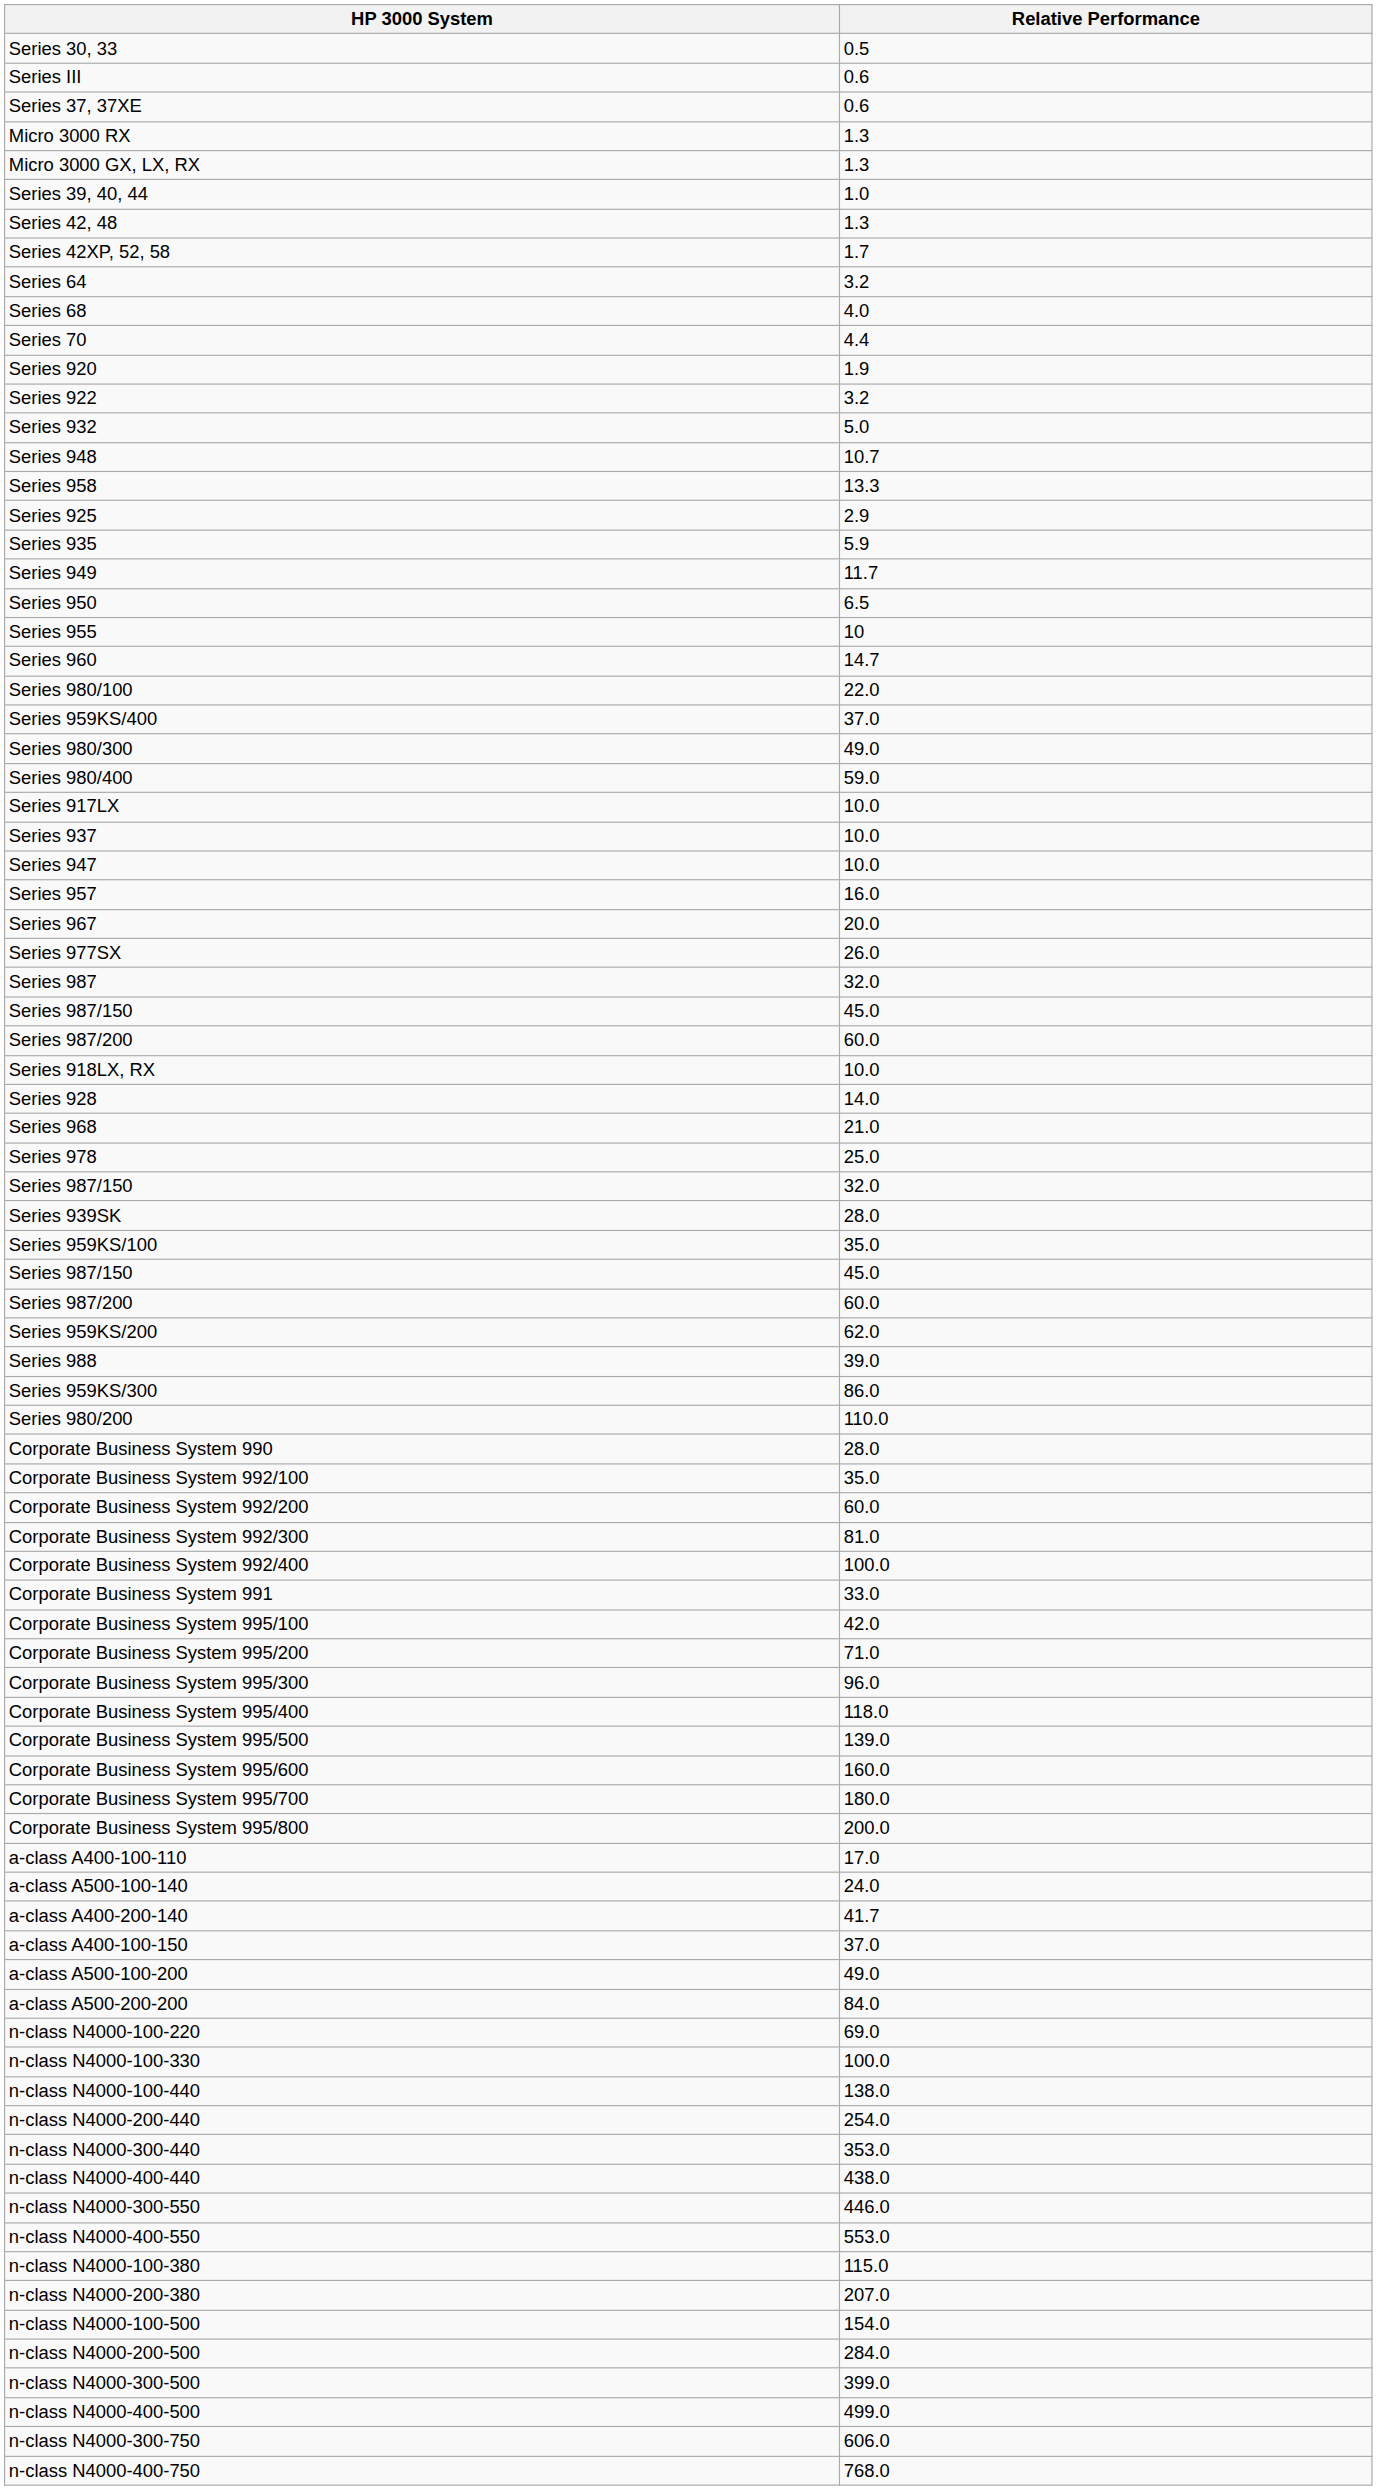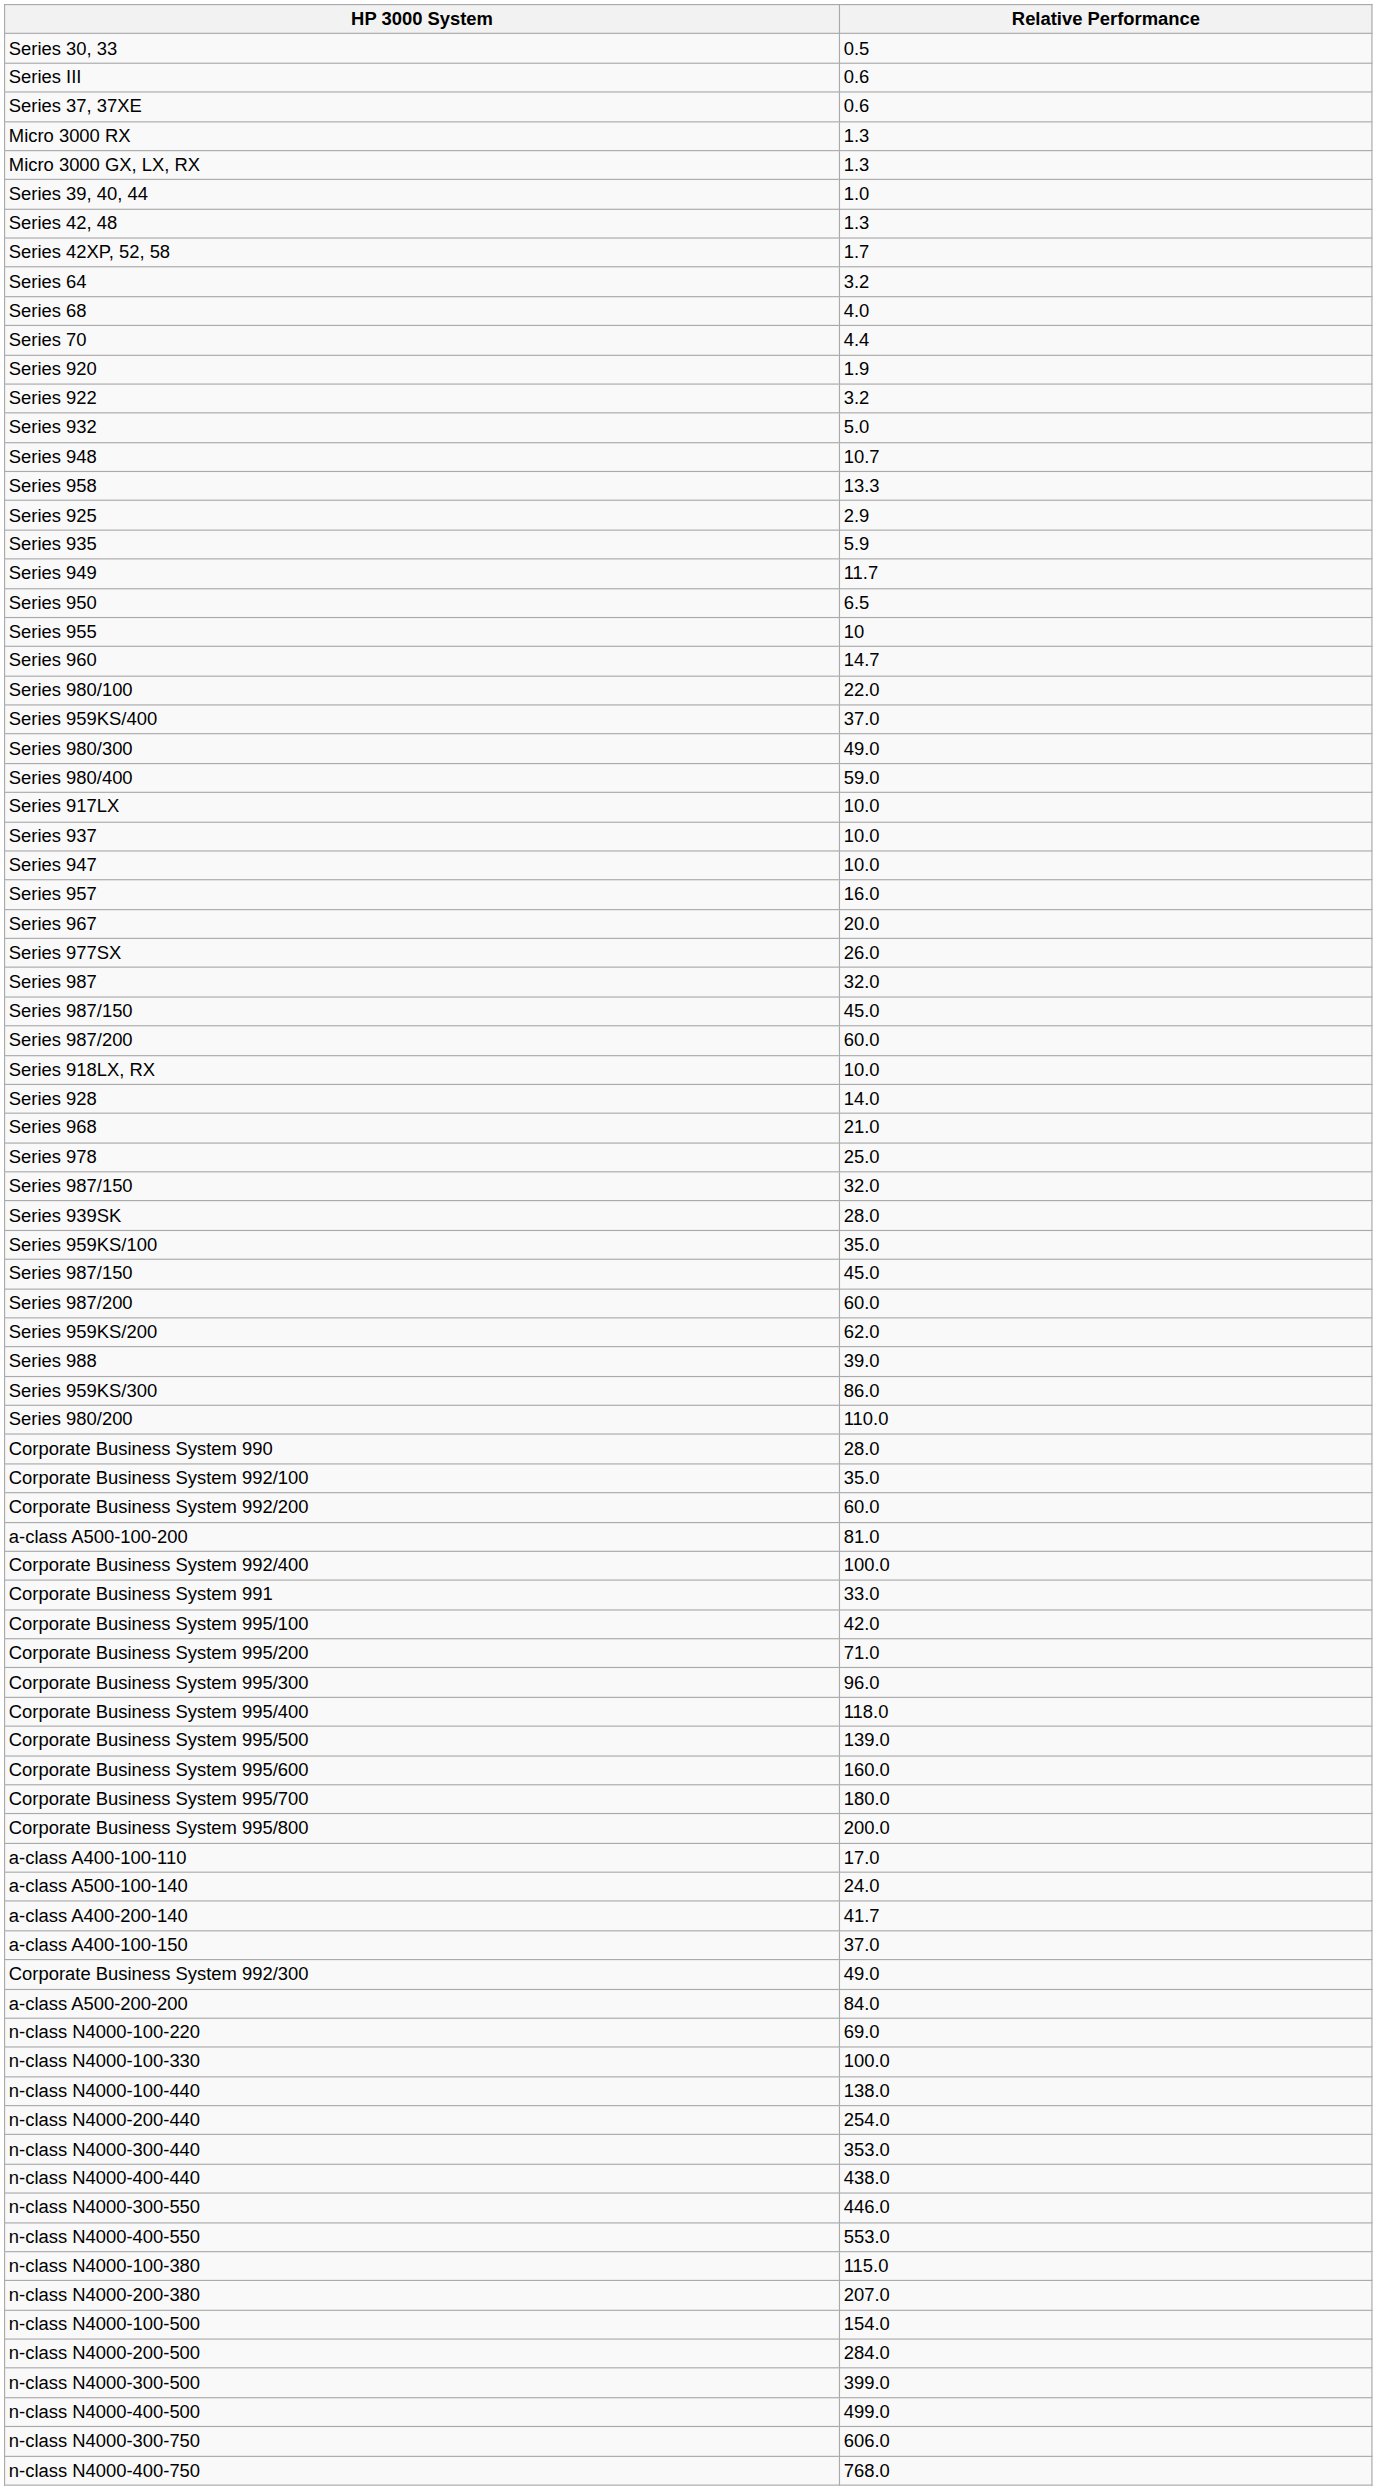 <table class="wikitable sortable" style="width: 60%; height: 200px;">
 <tr>
 <th>HP 3000 System</th>
 <th>Relative Performance</th>
 </tr>
 <tr>
 <td>Series 30, 33</td>
 <td>0.5</td>
 </tr>
 <tr>
 <td>Series III</td>
 <td>0.6</td>
 </tr>
 <tr>
 <td>Series 37, 37XE</td>
 <td>0.6</td>
 </tr>
 <tr>
 <td>Micro 3000 RX</td>
 <td>1.3</td>
 </tr>
 <tr>
 <td>Micro 3000 GX, LX, RX</td>
 <td>1.3</td>
 </tr>
 <tr>
 <td>Series 39, 40, 44</td>
 <td>1.0</td>
 </tr>
 <tr>
 <td>Series 42, 48</td>
 <td>1.3</td>
 </tr>
 <tr>
 <td>Series 42XP, 52, 58</td>
 <td>1.7</td>
 </tr>
 <tr>
 <td>Series 64</td>
 <td>3.2</td>
 </tr>
 <tr>
 <td>Series 68</td>
 <td>4.0</td>
 </tr>
 <tr>
 <td>Series 70</td>
 <td>4.4</td>
 </tr>
 <tr>
 <td>Series 920</td>
 <td>1.9</td>
 </tr>
 <tr>
 <td>Series 922</td>
 <td>3.2</td>
 </tr>
 <tr>
 <td>Series 932</td>
 <td>5.0</td>
 </tr>
 <tr>
 <td>Series 948</td>
 <td>10.7</td>
 </tr>
 <tr>
 <td>Series 958</td>
 <td>13.3</td>
 </tr>
 <tr>
 <td>Series 925</td>
 <td>2.9</td>
 </tr>
 <tr>
 <td>Series 935</td>
 <td>5.9</td>
 </tr>
 <tr>
 <td>Series 949</td>
 <td>11.7</td>
 </tr>
 <tr>
 <td>Series 950</td>
 <td>6.5</td>
 </tr>
 <tr>
 <td>Series 955</td>
 <td>10</td>
 </tr>
 <tr>
 <td>Series 960</td>
 <td>14.7</td>
 </tr>
 <tr>
 <td>Series 980/100</td>
 <td>22.0</td>
 </tr>
 <tr>
 <td>Series 959KS/400</td>
 <td>37.0</td>
 </tr>
 <tr>
 <td>Series 980/300</td>
 <td>49.0</td>
 </tr>
 <tr>
 <td>Series 980/400</td>
 <td>59.0</td>
 </tr>
 <tr>
 <td>Series 917LX</td>
 <td>10.0</td>
 </tr>
 <tr>
 <td>Series 937</td>
 <td>10.0</td>
 </tr>
 <tr>
 <td>Series 947</td>
 <td>10.0</td>
 </tr>
 <tr>
 <td>Series 957</td>
 <td>16.0</td>
 </tr>
 <tr>
 <td>Series 967</td>
 <td>20.0</td>
 </tr>
 <tr>
 <td>Series 977SX</td>
 <td>26.0</td>
 </tr>
 <tr>
 <td>Series 987</td>
 <td>32.0</td>
 </tr>
 <tr>
 <td>Series 987/150</td>
 <td>45.0</td>
 </tr>
 <tr>
 <td>Series 987/200</td>
 <td>60.0</td>
 </tr>
 <tr>
 <td>Series 918LX, RX</td>
 <td>10.0</td>
 </tr>
 <tr>
 <td>Series 928</td>
 <td>14.0</td>
 </tr>
 <tr>
 <td>Series 968</td>
 <td>21.0</td>
 </tr>
 <tr>
 <td>Series 978</td>
 <td>25.0</td>
 </tr>
 <tr>
 <td>Series 987/150</td>
 <td>32.0</td>
 </tr>
 <tr>
 <td>Series 939SK</td>
 <td>28.0</td>
 </tr>
 <tr>
 <td>Series 959KS/100</td>
 <td>35.0</td>
 </tr>
 <tr>
 <td>Series 987/150</td>
 <td>45.0</td>
 </tr>
 <tr>
 <td>Series 987/200</td>
 <td>60.0</td>
 </tr>
 <tr>
 <td>Series 959KS/200</td>
 <td>62.0</td>
 </tr>
 <tr>
 <td>Series 988</td>
 <td>39.0</td>
 </tr>
 <tr>
 <td>Series 959KS/300</td>
 <td>86.0</td>
 </tr>
 <tr>
 <td>Series 980/200</td>
 <td>110.0</td>
 </tr>
 <tr>
 <td>Corporate Business System 990</td>
 <td>28.0</td>
 </tr>
 <tr>
 <td>Corporate Business System 992/100</td>
 <td>35.0</td>
 </tr>
 <tr>
 <td>Corporate Business System 992/200</td>
 <td>60.0</td>
 </tr>
 <tr>
-<td>Corporate Business System 992/300</td>
+<td>a-class A500-100-200</td>
 <td>81.0</td>
 </tr>
 <tr>
 <td>Corporate Business System 992/400</td>
 <td>100.0</td>
 </tr>
 <tr>
 <td>Corporate Business System 991</td>
 <td>33.0</td>
 </tr>
 <tr>
 <td>Corporate Business System 995/100</td>
 <td>42.0</td>
 </tr>
 <tr>
 <td>Corporate Business System 995/200</td>
 <td>71.0</td>
 </tr>
 <tr>
 <td>Corporate Business System 995/300</td>
 <td>96.0</td>
 </tr>
 <tr>
 <td>Corporate Business System 995/400</td>
 <td>118.0</td>
 </tr>
 <tr>
 <td>Corporate Business System 995/500</td>
 <td>139.0</td>
 </tr>
 <tr>
 <td>Corporate Business System 995/600</td>
 <td>160.0</td>
 </tr>
 <tr>
 <td>Corporate Business System 995/700</td>
 <td>180.0</td>
 </tr>
 <tr>
 <td>Corporate Business System 995/800</td>
 <td>200.0</td>
 </tr>
 <tr>
 <td>a-class A400-100-110</td>
 <td>17.0</td>
 </tr>
 <tr>
 <td>a-class A500-100-140</td>
 <td>24.0</td>
 </tr>
 <tr>
 <td>a-class A400-200-140</td>
 <td>41.7</td>
 </tr>
 <tr>
 <td>a-class A400-100-150</td>
 <td>37.0</td>
 </tr>
 <tr>
-<td>a-class A500-100-200</td>
+<td>Corporate Business System 992/300</td>
 <td>49.0</td>
 </tr>
 <tr>
 <td>a-class A500-200-200</td>
 <td>84.0</td>
 </tr>
 <tr>
 <td>n-class N4000-100-220</td>
 <td>69.0</td>
 </tr>
 <tr>
 <td>n-class N4000-100-330</td>
 <td>100.0</td>
 </tr>
 <tr>
 <td>n-class N4000-100-440</td>
 <td>138.0</td>
 </tr>
 <tr>
 <td>n-class N4000-200-440</td>
 <td>254.0</td>
 </tr>
 <tr>
 <td>n-class N4000-300-440</td>
 <td>353.0</td>
 </tr>
 <tr>
 <td>n-class N4000-400-440</td>
 <td>438.0</td>
 </tr>
 <tr>
 <td>n-class N4000-300-550</td>
 <td>446.0</td>
 </tr>
 <tr>
 <td>n-class N4000-400-550</td>
 <td>553.0</td>
 </tr>
 <tr>
 <td>n-class N4000-100-380</td>
 <td>115.0</td>
 </tr>
 <tr>
 <td>n-class N4000-200-380</td>
 <td>207.0</td>
 </tr>
 <tr>
 <td>n-class N4000-100-500</td>
 <td>154.0</td>
 </tr>
 <tr>
 <td>n-class N4000-200-500</td>
 <td>284.0</td>
 </tr>
 <tr>
 <td>n-class N4000-300-500</td>
 <td>399.0</td>
 </tr>
 <tr>
 <td>n-class N4000-400-500</td>
 <td>499.0</td>
 </tr>
 <tr>
 <td>n-class N4000-300-750</td>
 <td>606.0</td>
 </tr>
 <tr>
 <td>n-class N4000-400-750</td>
 <td>768.0</td>
 </tr>
 </table>
